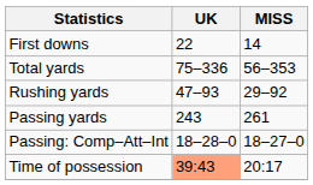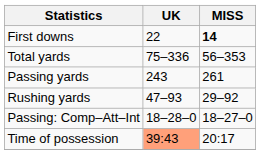 <table class="wikitable" style="float: left;">
 <tr>
 <th>Statistics</th>
 <th>UK</th>
 <th>MISS</th>
 </tr>
 <tr>
 <td>First downs</td>
 <td>22</td>
-<td>14</td>
+<td><strong>14</strong></td>
 </tr>
 <tr>
 <td>Total yards</td>
 <td>75–336</td>
 <td>56–353</td>
 </tr>
 <tr>
+<td>Passing yards</td>
+<td>243</td>
+<td>261</td>
+</tr>
+<tr>
 <td>Rushing yards</td>
 <td>47–93</td>
 <td>29–92</td>
-</tr>
-<tr>
-<td>Passing yards</td>
-<td>243</td>
-<td>261</td>
 </tr>
 <tr>
 <td>Passing: Comp–Att–Int</td>
 <td>18–28–0</td>
 <td>18–27–0</td>
 </tr>
 <tr>
 <td>Time of possession</td>
 <td style="background: lightsalmon;">39:43</td>
 <td>20:17</td>
 </tr>
 <tr>
 </tr>
 </table>
